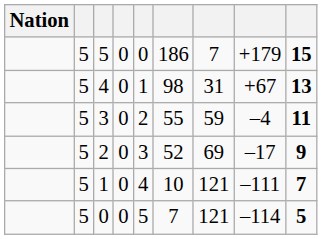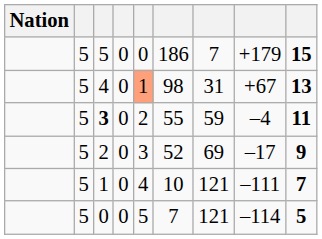 <table class="wikitable" style="text-align: center;">
 <tr>
 <th>Nation</th>
 <th></th>
 <th></th>
 <th></th>
 <th></th>
 <th></th>
 <th></th>
 <th></th>
 <th></th>
 </tr>
 <tr>
 <td align="left"></td>
 <td>5</td>
 <td>5</td>
 <td>0</td>
 <td>0</td>
 <td>186</td>
 <td>7</td>
 <td>+179</td>
 <td><strong>15</strong></td>
 </tr>
 <tr>
 <td align="left"></td>
 <td>5</td>
 <td>4</td>
 <td>0</td>
-<td>1</td>
+<td style="background: lightsalmon;">1</td>
 <td>98</td>
 <td>31</td>
 <td>+67</td>
 <td><strong>13</strong></td>
 </tr>
 <tr>
 <td align="left"></td>
 <td>5</td>
-<td>3</td>
+<td><strong>3</strong></td>
 <td>0</td>
 <td>2</td>
 <td>55</td>
 <td>59</td>
 <td>–4</td>
 <td><strong>11</strong></td>
 </tr>
 <tr>
 <td align="left"></td>
 <td>5</td>
 <td>2</td>
 <td>0</td>
 <td>3</td>
 <td>52</td>
 <td>69</td>
 <td>–17</td>
 <td><strong>9</strong></td>
 </tr>
 <tr>
 <td align="left"></td>
 <td>5</td>
 <td>1</td>
 <td>0</td>
 <td>4</td>
 <td>10</td>
 <td>121</td>
 <td>–111</td>
 <td><strong>7</strong></td>
 </tr>
 <tr>
 <td align="left"></td>
 <td>5</td>
 <td>0</td>
 <td>0</td>
 <td>5</td>
 <td>7</td>
 <td>121</td>
 <td>–114</td>
 <td><strong>5</strong></td>
 </tr>
 </table>
